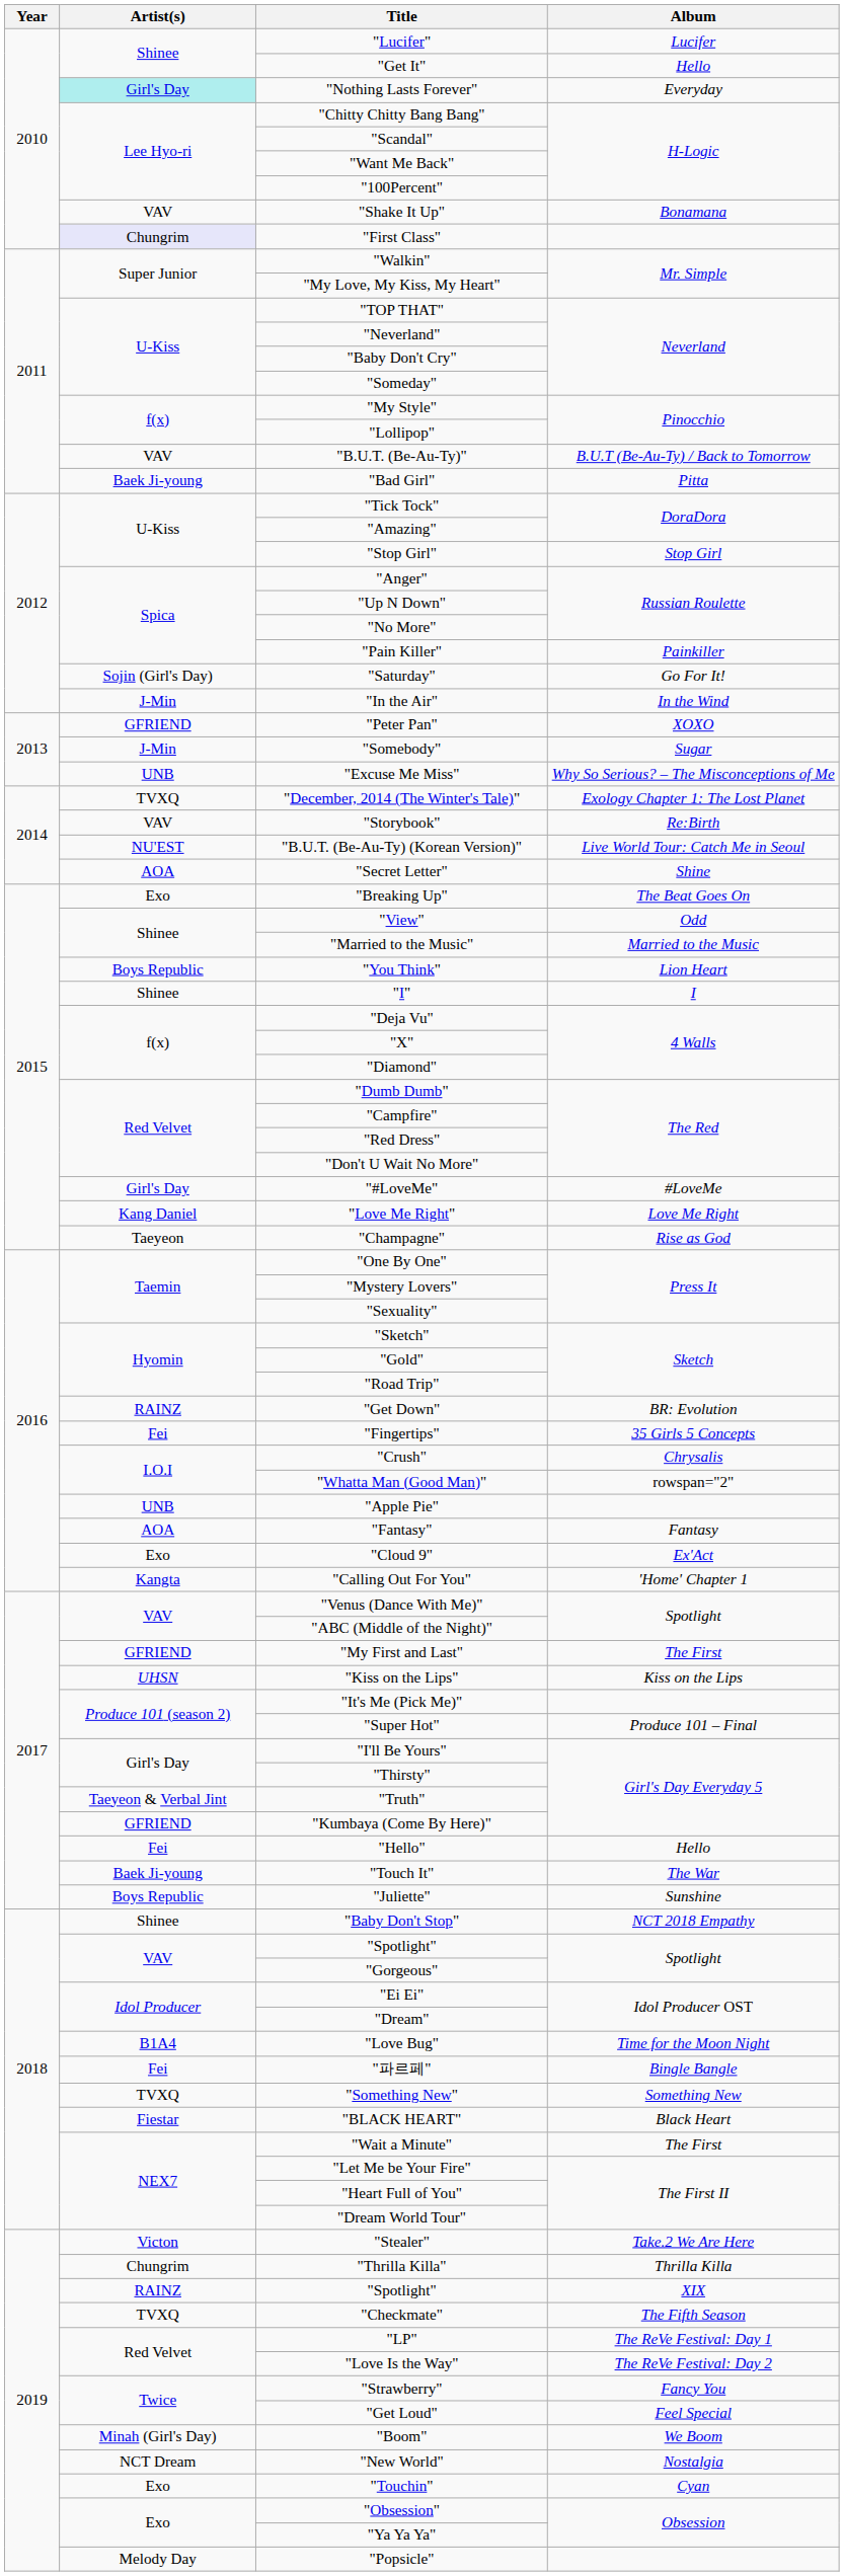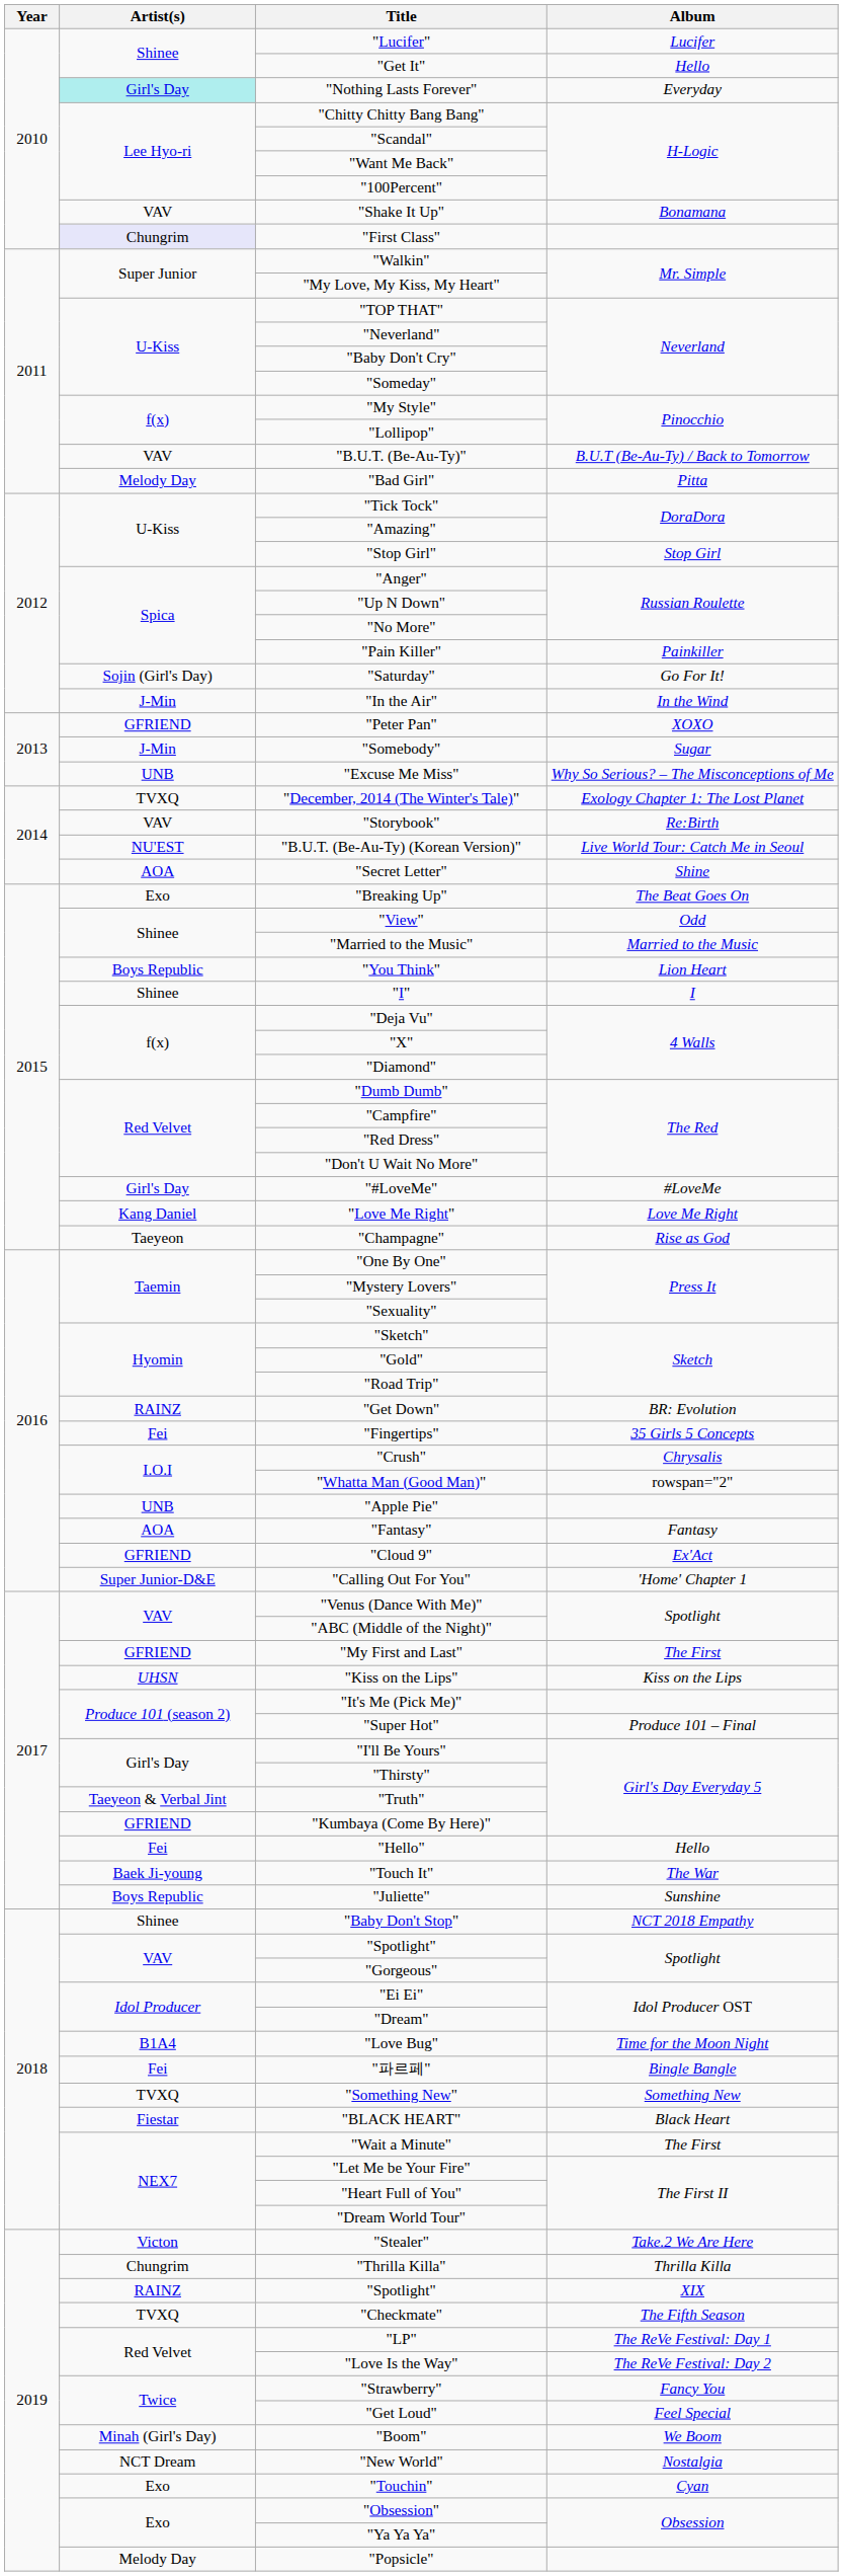 <table class="wikitable plainrowheaders" style="text-align:center">
 <tr>
 <th width="50px">Year</th>
 <th width="200px">Artist(s)</th>
 <th width="300px">Title</th>
 <th width="300px">Album</th>
 </tr>
 <tr>
 <td rowspan="9">2010</td>
 <td rowspan="2"><a href='#'>Shinee</a></td>
 <td>"<a href='#'>Lucifer</a>"</td>
 <td><em><a href='#'>Lucifer</a></em></td>
 </tr>
 <tr>
 <td>"Get It"</td>
 <td><em><a href='#'>Hello</a></em></td>
 </tr>
 <tr>
 <td style="background: paleturquoise;"><a href='#'>Girl's Day</a></td>
 <td>"Nothing Lasts Forever"</td>
 <td><em>Everyday</em></td>
 </tr>
 <tr>
 <td rowspan="4"><a href='#'>Lee Hyo-ri</a></td>
 <td>"Chitty Chitty Bang Bang"</td>
 <td rowspan="4"><em><a href='#'>H-Logic</a></em></td>
 </tr>
 <tr>
 <td>"Scandal"</td>
 </tr>
 <tr>
 <td>"Want Me Back"</td>
 </tr>
 <tr>
 <td>"100Percent"</td>
 </tr>
 <tr>
 <td>VAV</td>
 <td>"Shake It Up"</td>
 <td><em><a href='#'>Bonamana</a></em></td>
 </tr>
 <tr>
 <td style="background: lavender;">Chungrim</td>
 <td>"First Class"</td>
 <td></td>
 </tr>
 <tr>
 <td rowspan="10">2011</td>
 <td rowspan="2">Super Junior</td>
 <td>"Walkin"</td>
 <td rowspan="2"><em><a href='#'>Mr. Simple</a></em></td>
 </tr>
 <tr>
 <td>"My Love, My Kiss, My Heart"</td>
 </tr>
 <tr>
 <td rowspan="4"><a href='#'>U-Kiss</a></td>
 <td>"TOP THAT"</td>
 <td rowspan="4"><em><a href='#'>Neverland</a></em></td>
 </tr>
 <tr>
 <td>"Neverland"</td>
 </tr>
 <tr>
 <td>"Baby Don't Cry"</td>
 </tr>
 <tr>
 <td>"Someday"</td>
 </tr>
 <tr>
 <td rowspan="2"><a href='#'>f(x)</a></td>
 <td>"My Style"</td>
 <td rowspan="2"><em><a href='#'>Pinocchio</a></em></td>
 </tr>
 <tr>
 <td>"Lollipop"</td>
 </tr>
 <tr>
 <td>VAV</td>
 <td>"B.U.T. (Be-Au-Ty)"</td>
 <td><em><a href='#'>B.U.T (Be-Au-Ty) / Back to Tomorrow</a></em></td>
 </tr>
 <tr>
-<td><a href='#'>Baek Ji-young</a></td>
+<td><a href='#'>Melody Day</a></td>
 <td>"Bad Girl"</td>
 <td><em><a href='#'>Pitta</a></em></td>
 </tr>
 <tr>
 <td rowspan="9">2012</td>
 <td rowspan="3">U-Kiss</td>
 <td>"Tick Tock"</td>
 <td rowspan="2"><em><a href='#'>DoraDora</a></em></td>
 </tr>
 <tr>
 <td>"Amazing"</td>
 </tr>
 <tr>
 <td>"Stop Girl"</td>
 <td><em><a href='#'>Stop Girl</a></em></td>
 </tr>
 <tr>
 <td rowspan="4"><a href='#'>Spica</a></td>
 <td>"Anger"</td>
 <td rowspan="3"><em><a href='#'>Russian Roulette</a></em></td>
 </tr>
 <tr>
 <td>"Up N Down"</td>
 </tr>
 <tr>
 <td>"No More"</td>
 </tr>
 <tr>
 <td>"Pain Killer"</td>
 <td><em><a href='#'>Painkiller</a></em></td>
 </tr>
 <tr>
 <td><a href='#'>Sojin</a> (Girl's Day)</td>
 <td>"Saturday"</td>
 <td><em>Go For It!</em></td>
 </tr>
 <tr>
 <td><a href='#'>J-Min</a></td>
 <td>"In the Air"</td>
 <td><em><a href='#'>In the Wind</a></em></td>
 </tr>
 <tr>
 <td rowspan="3">2013</td>
 <td><a href='#'>GFRIEND</a></td>
 <td>"Peter Pan"</td>
 <td><em><a href='#'>XOXO</a></em></td>
 </tr>
 <tr>
 <td><a href='#'>J-Min</a></td>
 <td>"Somebody"</td>
 <td><em><a href='#'>Sugar</a></em></td>
 </tr>
 <tr>
 <td><a href='#'>UNB</a></td>
 <td>"Excuse Me Miss"</td>
 <td><a href='#'><em>Why So Serious? – The Misconceptions of Me</a></em></td>
 </tr>
 <tr>
 <td rowspan="4">2014</td>
 <td>TVXQ</td>
 <td>"<a href='#'>December, 2014 (The Winter's Tale)</a>"</td>
 <td><em><a href='#'>Exology Chapter 1: The Lost Planet</a></em></td>
 </tr>
 <tr>
 <td>VAV</td>
 <td>"Storybook"</td>
 <td><em><a href='#'>Re:Birth</a></em></td>
 </tr>
 <tr>
 <td><a href='#'>NU'EST</a></td>
 <td>"B.U.T. (Be-Au-Ty) (Korean Version)"</td>
 <td><em><a href='#'>Live World Tour: Catch Me in Seoul</a></em></td>
 </tr>
 <tr>
 <td><a href='#'>AOA</a></td>
 <td>"Secret Letter"</td>
 <td><em><a href='#'>Shine</a></em></td>
 </tr>
 <tr>
 <td rowspan="15">2015</td>
 <td>Exo</td>
 <td>"Breaking Up"</td>
 <td><a href='#'><em>The Beat Goes On</a></em></td>
 </tr>
 <tr>
 <td rowspan="2">Shinee</td>
 <td>"<a href='#'>View</a>"</td>
 <td><em><a href='#'>Odd</a></em></td>
 </tr>
 <tr>
 <td>"Married to the Music"</td>
 <td><em><a href='#'>Married to the Music</a></em></td>
 </tr>
 <tr>
 <td><a href='#'>Boys Republic</a></td>
 <td>"<a href='#'>You Think</a>"</td>
 <td><em><a href='#'>Lion Heart</a></em></td>
 </tr>
 <tr>
 <td>Shinee</td>
 <td>"<a href='#'>I</a>"</td>
 <td><em><a href='#'>I</a></em></td>
 </tr>
 <tr>
 <td rowspan="3">f(x)</td>
 <td>"Deja Vu"</td>
 <td rowspan="3"><em><a href='#'>4 Walls</a></em></td>
 </tr>
 <tr>
 <td>"X"</td>
 </tr>
 <tr>
 <td>"Diamond"</td>
 </tr>
 <tr>
 <td rowspan="4"><a href='#'>Red Velvet</a></td>
 <td>"<a href='#'>Dumb Dumb</a>"</td>
 <td rowspan="4"><em><a href='#'>The Red</a></em></td>
 </tr>
 <tr>
 <td>"Campfire"</td>
 </tr>
 <tr>
 <td>"Red Dress"</td>
 </tr>
 <tr>
 <td>"Don't U Wait No More"</td>
 </tr>
 <tr>
 <td><a href='#'>Girl's Day</a></td>
 <td>"#LoveMe"</td>
 <td><em>#LoveMe</em></td>
 </tr>
 <tr>
 <td><a href='#'>Kang Daniel</a></td>
 <td>"<a href='#'>Love Me Right</a>"</td>
 <td><em><a href='#'>Love Me Right</a></em></td>
 </tr>
 <tr>
 <td>Taeyeon</td>
 <td>"Champagne"</td>
 <td><em><a href='#'>Rise as God</a></em></td>
 </tr>
 <tr>
 <td rowspan="14">2016</td>
 <td rowspan="3"><a href='#'>Taemin</a></td>
 <td>"One By One"</td>
 <td rowspan="3"><em><a href='#'>Press It</a></em></td>
 </tr>
 <tr>
 <td>"Mystery Lovers"</td>
 </tr>
 <tr>
 <td>"Sexuality"</td>
 </tr>
 <tr>
 <td rowspan="3"><a href='#'>Hyomin</a></td>
 <td>"Sketch"</td>
 <td rowspan="3"><em><a href='#'>Sketch</a></em></td>
 </tr>
 <tr>
 <td>"Gold"</td>
 </tr>
 <tr>
 <td>"Road Trip"</td>
 </tr>
 <tr>
 <td><a href='#'>RAINZ</a></td>
 <td>"Get Down"</td>
 <td><em>BR: Evolution</em></td>
 </tr>
 <tr>
 <td><a href='#'>Fei</a></td>
 <td>"Fingertips"</td>
 <td><em><a href='#'>35 Girls 5 Concepts</a></em></td>
 </tr>
 <tr>
 <td rowspan="2"><a href='#'>I.O.I</a></td>
 <td>"Crush"</td>
 <td><em><a href='#'>Chrysalis</a></em></td>
 </tr>
 <tr>
 <td>"<a href='#'>Whatta Man (Good Man)</a>"</td>
 <td>rowspan="2" </td>
 </tr>
 <tr>
 <td><a href='#'>UNB</a></td>
 <td>"Apple Pie"</td>
 </tr>
 <tr>
 <td><a href='#'>AOA</a></td>
 <td>"Fantasy"</td>
 <td><em>Fantasy</em></td>
 </tr>
 <tr>
-<td>Exo</td>
+<td><a href='#'>GFRIEND</a></td>
 <td>"Cloud 9"</td>
 <td><em><a href='#'>Ex'Act</a></em></td>
 </tr>
 <tr>
-<td><a href='#'>Kangta</a></td>
+<td><a href='#'>Super Junior-D&E</a></td>
 <td>"Calling Out For You"</td>
 <td><em>'Home' Chapter 1</em></td>
 </tr>
 <tr>
 <td rowspan="13">2017</td>
 <td rowspan="2"><a href='#'>VAV</a></td>
 <td>"Venus (Dance With Me)"</td>
 <td rowspan="2"><em>Spotlight</em></td>
 </tr>
 <tr>
 <td>"ABC (Middle of the Night)"</td>
 </tr>
 <tr>
 <td><a href='#'>GFRIEND</a></td>
 <td>"My First and Last"</td>
 <td><em><a href='#'>The First</a></em></td>
 </tr>
 <tr>
 <td><em><a href='#'>UHSN</a></em></td>
 <td>"Kiss on the Lips"</td>
 <td><em>Kiss on the Lips</em></td>
 </tr>
 <tr>
 <td rowspan="2"><a href='#'><em>Produce 101</em> (season 2)</a></td>
 <td>"It's Me (Pick Me)"</td>
 <td></td>
 </tr>
 <tr>
 <td>"Super Hot"</td>
 <td><em>Produce 101 – Final</em></td>
 </tr>
 <tr>
 <td rowspan="2">Girl's Day</td>
 <td>"I'll Be Yours"</td>
 <td rowspan="4"><em><a href='#'>Girl's Day Everyday 5</a></em></td>
 </tr>
 <tr>
 <td>"Thirsty"</td>
 </tr>
 <tr>
 <td><a href='#'>Taeyeon</a> & <a href='#'>Verbal Jint</a></td>
 <td>"Truth"</td>
 </tr>
 <tr>
 <td><a href='#'>GFRIEND</a></td>
 <td>"Kumbaya (Come By Here)"</td>
 </tr>
 <tr>
 <td><a href='#'>Fei</a></td>
 <td>"Hello"</td>
 <td><em>Hello</em></td>
 </tr>
 <tr>
 <td><a href='#'>Baek Ji-young</a></td>
 <td>"Touch It"</td>
 <td><em><a href='#'>The War</a></em></td>
 </tr>
 <tr>
 <td><a href='#'>Boys Republic</a></td>
 <td>"Juliette"</td>
 <td><em>Sunshine</em></td>
 </tr>
 <tr>
 <td rowspan="13">2018</td>
 <td>Shinee</td>
 <td>"<a href='#'>Baby Don't Stop</a>"</td>
 <td><em><a href='#'>NCT 2018 Empathy</a></em></td>
 </tr>
 <tr>
 <td rowspan="2"><a href='#'>VAV</a></td>
 <td>"Spotlight"</td>
 <td rowspan="2"><em>Spotlight</em></td>
 </tr>
 <tr>
 <td>"Gorgeous"</td>
 </tr>
 <tr>
 <td rowspan="2"><em><a href='#'>Idol Producer</a></em></td>
 <td>"Ei Ei"</td>
 <td rowspan="2"><em>Idol Producer</em> OST</td>
 </tr>
 <tr>
 <td>"Dream"</td>
 </tr>
 <tr>
 <td><a href='#'>B1A4</a></td>
 <td>"Love Bug"</td>
 <td><em><a href='#'>Time for the Moon Night</a></em></td>
 </tr>
 <tr>
 <td><a href='#'>Fei</a></td>
 <td>"파르페"</td>
 <td><em><a href='#'>Bingle Bangle</a></em></td>
 </tr>
 <tr>
 <td>TVXQ</td>
 <td>"<a href='#'>Something New</a>"</td>
 <td><em><a href='#'>Something New</a></em></td>
 </tr>
 <tr>
 <td><a href='#'>Fiestar</a></td>
 <td>"BLACK HEART"</td>
 <td><em>Black Heart</em></td>
 </tr>
 <tr>
 <td rowspan="4"><a href='#'>NEX7</a></td>
 <td>"Wait a Minute"</td>
 <td><em>The First</em></td>
 </tr>
 <tr>
 <td>"Let Me be Your Fire"</td>
 <td rowspan="3"><em>The First II</em></td>
 </tr>
 <tr>
 <td>"Heart Full of You"</td>
 </tr>
 <tr>
 <td>"Dream World Tour"</td>
 </tr>
 <tr>
 <td rowspan="14">2019</td>
 <td><a href='#'>Victon</a></td>
 <td>"Stealer"</td>
 <td><em><a href='#'>Take.2 We Are Here</a></em></td>
 </tr>
 <tr>
 <td>Chungrim</td>
 <td>"Thrilla Killa"</td>
 <td><em>Thrilla Killa</em></td>
 </tr>
 <tr>
 <td><a href='#'>RAINZ</a></td>
 <td>"Spotlight"</td>
 <td><em><a href='#'>XIX</a></em></td>
 </tr>
 <tr>
 <td>TVXQ</td>
 <td>"Checkmate"</td>
 <td><em><a href='#'>The Fifth Season</a></em></td>
 </tr>
 <tr>
 <td rowspan="2">Red Velvet</td>
 <td>"LP"</td>
 <td><em><a href='#'>The ReVe Festival: Day 1</a></em></td>
 </tr>
 <tr>
 <td>"Love Is the Way"</td>
 <td><em><a href='#'>The ReVe Festival: Day 2</a></em></td>
 </tr>
 <tr>
 <td rowspan="2"><a href='#'>Twice</a></td>
 <td>"Strawberry"</td>
 <td><em><a href='#'>Fancy You</a></em></td>
 </tr>
 <tr>
 <td>"Get Loud"</td>
 <td><em><a href='#'>Feel Special</a></em></td>
 </tr>
 <tr>
 <td><a href='#'>Minah</a> (Girl's Day)</td>
 <td>"Boom"</td>
 <td><em><a href='#'>We Boom</a></em></td>
 </tr>
 <tr>
 <td>NCT Dream</td>
 <td>"New World"</td>
 <td><em><a href='#'>Nostalgia</a></em></td>
 </tr>
 <tr>
 <td>Exo</td>
 <td>"<a href='#'>Touchin</a>"</td>
 <td><em><a href='#'>Cyan</a></em></td>
 </tr>
 <tr>
 <td rowspan="2">Exo</td>
 <td>"<a href='#'>Obsession</a>"</td>
 <td rowspan="2"><em><a href='#'>Obsession</a></em></td>
 </tr>
 <tr>
 <td>"Ya Ya Ya"</td>
 </tr>
 <tr>
 <td>Melody Day</td>
 <td>"Popsicle"</td>
 <td></td>
 </tr>
 </table>
